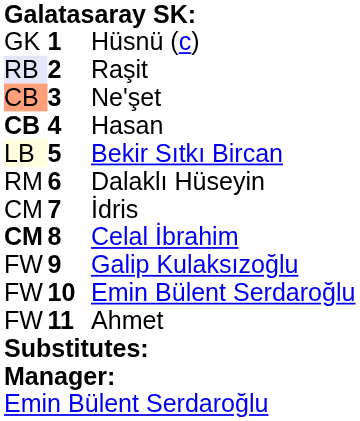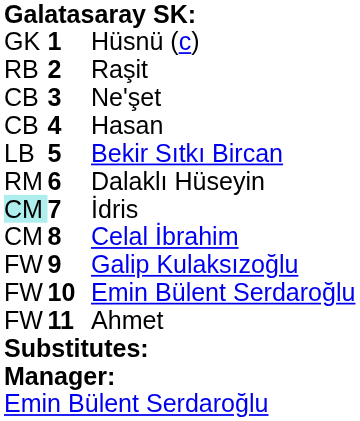 <table style="font-size: 90%" cellspacing="0" cellpadding="0">
 <tr>
 <td colspan="4"><strong>Galatasaray SK:</strong></td>
 </tr>
 <tr>
 <th width="25"></th>
 <th width="25"></th>
 </tr>
 <tr>
 <td>GK</td>
 <td><strong>1</strong></td>
 <td> Hüsnü (<a href='#'>c</a>)</td>
 </tr>
 <tr>
-<td style="background: lavender;">RB</td>
+<td>RB</td>
 <td><strong>2</strong></td>
 <td> Raşit</td>
 </tr>
 <tr>
-<td style="background: lightsalmon;">CB</td>
+<td>CB</td>
 <td><strong>3</strong></td>
 <td> Ne'şet</td>
 </tr>
 <tr>
-<td><strong>CB</strong></td>
+<td>CB</td>
 <td><strong>4</strong></td>
 <td> Hasan</td>
 </tr>
 <tr>
-<td style="background: lightyellow;">LB</td>
+<td>LB</td>
 <td><strong>5</strong></td>
 <td> <a href='#'>Bekir Sıtkı Bircan</a></td>
 </tr>
 <tr>
 <td>RM</td>
 <td><strong>6</strong></td>
 <td> Dalaklı Hüseyin</td>
 </tr>
 <tr>
-<td>CM</td>
+<td style="background: paleturquoise;">CM</td>
 <td><strong>7</strong></td>
 <td> İdris</td>
 </tr>
 <tr>
-<td><strong>CM</strong></td>
+<td>CM</td>
 <td><strong>8</strong></td>
 <td> <a href='#'>Celal İbrahim</a></td>
 </tr>
 <tr>
 <td>FW</td>
 <td><strong>9</strong></td>
 <td> <a href='#'>Galip Kulaksızoğlu</a></td>
 </tr>
 <tr>
 <td>FW</td>
 <td><strong>10</strong></td>
 <td> <a href='#'>Emin Bülent Serdaroğlu</a></td>
 </tr>
 <tr>
 <td>FW</td>
 <td><strong>11</strong></td>
 <td> Ahmet</td>
 </tr>
 <tr>
 <td colspan=4><strong>Substitutes:</strong></td>
 </tr>
 <tr>
 <td colspan=4><strong>Manager:</strong></td>
 </tr>
 <tr>
 <td colspan="4"> <a href='#'>Emin Bülent Serdaroğlu</a></td>
 </tr>
 </table>
